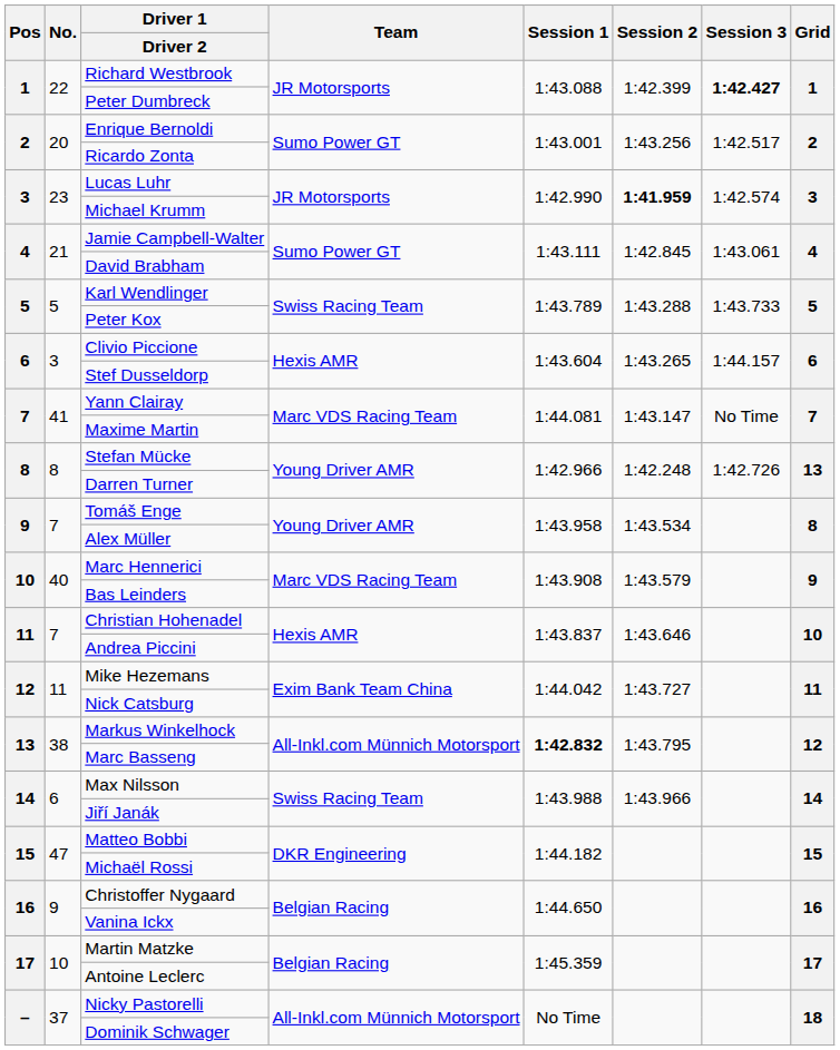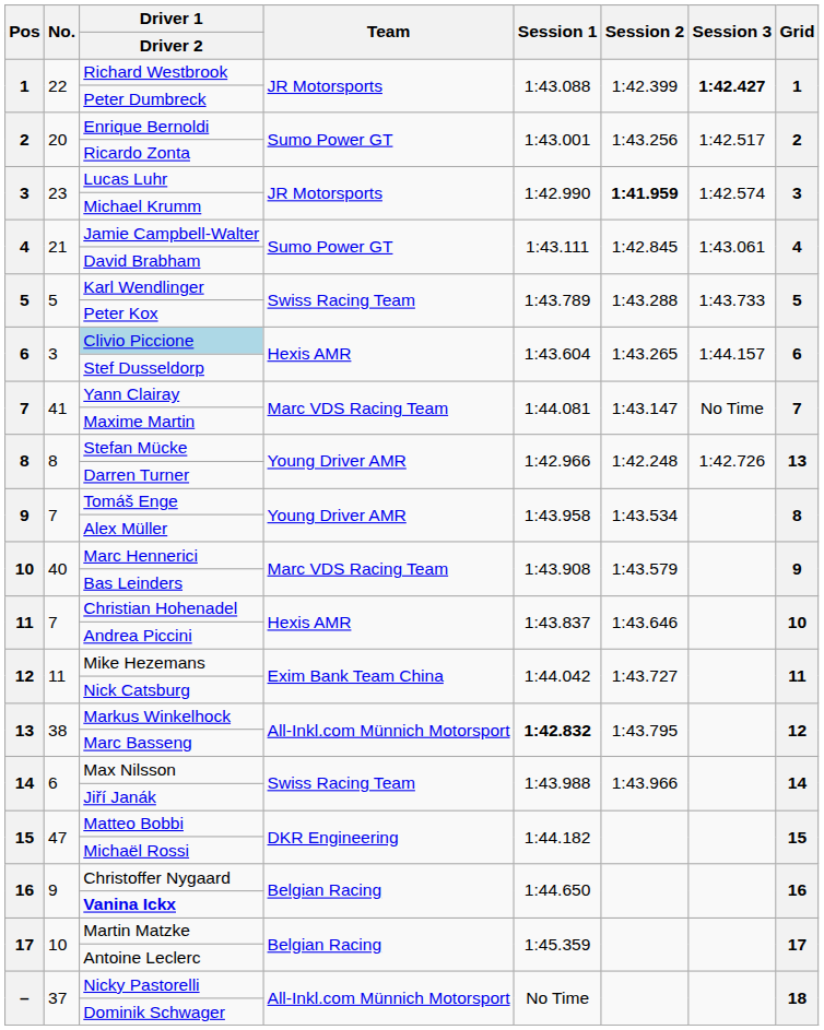 <table class="wikitable" style="font-size: 90%;">
 <tr>
 <th rowspan=2>Pos</th>
 <th rowspan=2>No.</th>
 <th>Driver 1</th>
 <th rowspan=2>Team</th>
 <th rowspan=2>Session 1</th>
 <th rowspan=2>Session 2</th>
 <th rowspan=2>Session 3</th>
 <th rowspan=2>Grid</th>
 </tr>
 <tr>
 <th>Driver 2</th>
 </tr>
 <tr>
 <th rowspan=2>1</th>
 <td rowspan=2>22</td>
 <td> <a href='#'>Richard Westbrook</a></td>
 <td rowspan=2> <a href='#'>JR Motorsports</a></td>
 <td rowspan=2 align="center">1:43.088</td>
 <td rowspan=2 align="center">1:42.399</td>
 <td rowspan=2 align="center"><strong>1:42.427</strong></td>
 <th rowspan=2>1</th>
 </tr>
 <tr>
 <td> <a href='#'>Peter Dumbreck</a></td>
 </tr>
 <tr>
 <th rowspan=2>2</th>
 <td rowspan=2>20</td>
 <td> <a href='#'>Enrique Bernoldi</a></td>
 <td rowspan=2> <a href='#'>Sumo Power GT</a></td>
 <td rowspan=2 align="center">1:43.001</td>
 <td rowspan=2 align="center">1:43.256</td>
 <td rowspan=2 align="center">1:42.517</td>
 <th rowspan=2>2</th>
 </tr>
 <tr>
 <td> <a href='#'>Ricardo Zonta</a></td>
 </tr>
 <tr>
 <th rowspan=2>3</th>
 <td rowspan=2>23</td>
 <td> <a href='#'>Lucas Luhr</a></td>
 <td rowspan=2> <a href='#'>JR Motorsports</a></td>
 <td rowspan=2 align="center">1:42.990</td>
 <td rowspan=2 align="center"><strong>1:41.959</strong></td>
 <td rowspan=2 align="center">1:42.574</td>
 <th rowspan=2>3</th>
 </tr>
 <tr>
 <td> <a href='#'>Michael Krumm</a></td>
 </tr>
 <tr>
 <th rowspan=2>4</th>
 <td rowspan=2>21</td>
 <td> <a href='#'>Jamie Campbell-Walter</a></td>
 <td rowspan=2> <a href='#'>Sumo Power GT</a></td>
 <td rowspan=2 align="center">1:43.111</td>
 <td rowspan=2 align="center">1:42.845</td>
 <td rowspan=2 align="center">1:43.061</td>
 <th rowspan=2>4</th>
 </tr>
 <tr>
 <td> <a href='#'>David Brabham</a></td>
 </tr>
 <tr>
 <th rowspan=2>5</th>
 <td rowspan=2>5</td>
 <td> <a href='#'>Karl Wendlinger</a></td>
 <td rowspan=2> <a href='#'>Swiss Racing Team</a></td>
 <td rowspan=2 align="center">1:43.789</td>
 <td rowspan=2 align="center">1:43.288</td>
 <td rowspan=2 align="center">1:43.733</td>
 <th rowspan=2>5</th>
 </tr>
 <tr>
 <td> <a href='#'>Peter Kox</a></td>
 </tr>
 <tr>
 <th rowspan=2>6</th>
 <td rowspan=2>3</td>
-<td> <a href='#'>Clivio Piccione</a></td>
+<td style="background: lightblue;"> <a href='#'>Clivio Piccione</a></td>
 <td rowspan=2> <a href='#'>Hexis AMR</a></td>
 <td rowspan=2 align="center">1:43.604</td>
 <td rowspan=2 align="center">1:43.265</td>
 <td rowspan=2 align="center">1:44.157</td>
 <th rowspan=2>6</th>
 </tr>
 <tr>
 <td> <a href='#'>Stef Dusseldorp</a></td>
 </tr>
 <tr>
 <th rowspan=2>7</th>
 <td rowspan=2>41</td>
 <td> <a href='#'>Yann Clairay</a></td>
 <td rowspan=2> <a href='#'>Marc VDS Racing Team</a></td>
 <td rowspan=2 align="center">1:44.081</td>
 <td rowspan=2 align="center">1:43.147</td>
 <td rowspan=2 align="center">No Time</td>
 <th rowspan=2>7</th>
 </tr>
 <tr>
 <td> <a href='#'>Maxime Martin</a></td>
 </tr>
 <tr>
 <th rowspan=2>8</th>
 <td rowspan=2>8</td>
 <td> <a href='#'>Stefan Mücke</a></td>
 <td rowspan=2> <a href='#'>Young Driver AMR</a></td>
 <td rowspan=2 align="center">1:42.966</td>
 <td rowspan=2 align="center">1:42.248</td>
 <td rowspan=2 align="center">1:42.726</td>
 <th rowspan=2>13</th>
 </tr>
 <tr>
 <td> <a href='#'>Darren Turner</a></td>
 </tr>
 <tr>
 <th rowspan=2>9</th>
 <td rowspan=2>7</td>
 <td> <a href='#'>Tomáš Enge</a></td>
 <td rowspan=2> <a href='#'>Young Driver AMR</a></td>
 <td rowspan=2 align="center">1:43.958</td>
 <td rowspan=2 align="center">1:43.534</td>
 <td rowspan=2 align="center"></td>
 <th rowspan=2>8</th>
 </tr>
 <tr>
 <td> <a href='#'>Alex Müller</a></td>
 </tr>
 <tr>
 <th rowspan=2>10</th>
 <td rowspan=2>40</td>
 <td> <a href='#'>Marc Hennerici</a></td>
 <td rowspan=2> <a href='#'>Marc VDS Racing Team</a></td>
 <td rowspan=2 align="center">1:43.908</td>
 <td rowspan=2 align="center">1:43.579</td>
 <td rowspan=2 align="center"></td>
 <th rowspan=2>9</th>
 </tr>
 <tr>
 <td> <a href='#'>Bas Leinders</a></td>
 </tr>
 <tr>
 <th rowspan=2>11</th>
 <td rowspan=2>7</td>
 <td> <a href='#'>Christian Hohenadel</a></td>
 <td rowspan=2> <a href='#'>Hexis AMR</a></td>
 <td rowspan=2 align="center">1:43.837</td>
 <td rowspan=2 align="center">1:43.646</td>
 <td rowspan=2 align="center"></td>
 <th rowspan=2>10</th>
 </tr>
 <tr>
 <td> <a href='#'>Andrea Piccini</a></td>
 </tr>
 <tr>
 <th rowspan=2>12</th>
 <td rowspan=2>11</td>
 <td> Mike Hezemans</td>
 <td rowspan=2> <a href='#'>Exim Bank Team China</a></td>
 <td rowspan=2 align="center">1:44.042</td>
 <td rowspan=2 align="center">1:43.727</td>
 <td rowspan=2 align="center"></td>
 <th rowspan=2>11</th>
 </tr>
 <tr>
 <td> <a href='#'>Nick Catsburg</a></td>
 </tr>
 <tr>
 <th rowspan=2>13</th>
 <td rowspan=2>38</td>
 <td> <a href='#'>Markus Winkelhock</a></td>
 <td rowspan=2> <a href='#'>All-Inkl.com Münnich Motorsport</a></td>
 <td rowspan=2 align="center"><strong>1:42.832</strong></td>
 <td rowspan=2 align="center">1:43.795</td>
 <td rowspan=2 align="center"></td>
 <th rowspan=2>12</th>
 </tr>
 <tr>
 <td> <a href='#'>Marc Basseng</a></td>
 </tr>
 <tr>
 <th rowspan=2>14</th>
 <td rowspan=2>6</td>
 <td> Max Nilsson</td>
 <td rowspan=2> <a href='#'>Swiss Racing Team</a></td>
 <td rowspan=2 align="center">1:43.988</td>
 <td rowspan=2 align="center">1:43.966</td>
 <td rowspan=2 align="center"></td>
 <th rowspan=2>14</th>
 </tr>
 <tr>
 <td> <a href='#'>Jiří Janák</a></td>
 </tr>
 <tr>
 <th rowspan=2>15</th>
 <td rowspan=2>47</td>
 <td> <a href='#'>Matteo Bobbi</a></td>
 <td rowspan=2> <a href='#'>DKR Engineering</a></td>
 <td rowspan=2 align="center">1:44.182</td>
 <td rowspan=2 align="center"></td>
 <td rowspan=2 align="center"></td>
 <th rowspan=2>15</th>
 </tr>
 <tr>
 <td> <a href='#'>Michaël Rossi</a></td>
 </tr>
 <tr>
 <th rowspan=2>16</th>
 <td rowspan=2>9</td>
 <td> Christoffer Nygaard</td>
 <td rowspan=2> <a href='#'>Belgian Racing</a></td>
 <td rowspan=2 align="center">1:44.650</td>
 <td rowspan=2 align="center"></td>
 <td rowspan=2 align="center"></td>
 <th rowspan=2>16</th>
 </tr>
 <tr>
-<td> <a href='#'>Vanina Ickx</a></td>
+<td><strong> <a href='#'>Vanina Ickx</a></strong></td>
 </tr>
 <tr>
 <th rowspan=2>17</th>
 <td rowspan=2>10</td>
 <td> Martin Matzke</td>
 <td rowspan=2> <a href='#'>Belgian Racing</a></td>
 <td rowspan=2 align="center">1:45.359</td>
 <td rowspan=2 align="center"></td>
 <td rowspan=2 align="center"></td>
 <th rowspan=2>17</th>
 </tr>
 <tr>
 <td> Antoine Leclerc</td>
 </tr>
 <tr>
 <th rowspan=2>–</th>
 <td rowspan=2>37</td>
 <td> <a href='#'>Nicky Pastorelli</a></td>
 <td rowspan=2> <a href='#'>All-Inkl.com Münnich Motorsport</a></td>
 <td rowspan=2 align="center">No Time</td>
 <td rowspan=2 align="center"></td>
 <td rowspan=2 align="center"></td>
 <th rowspan=2>18</th>
 </tr>
 <tr>
 <td> <a href='#'>Dominik Schwager</a></td>
 </tr>
 <tr>
 </tr>
 </table>
